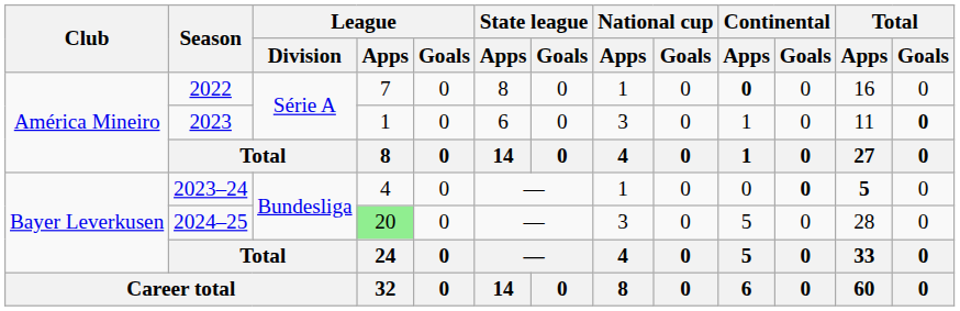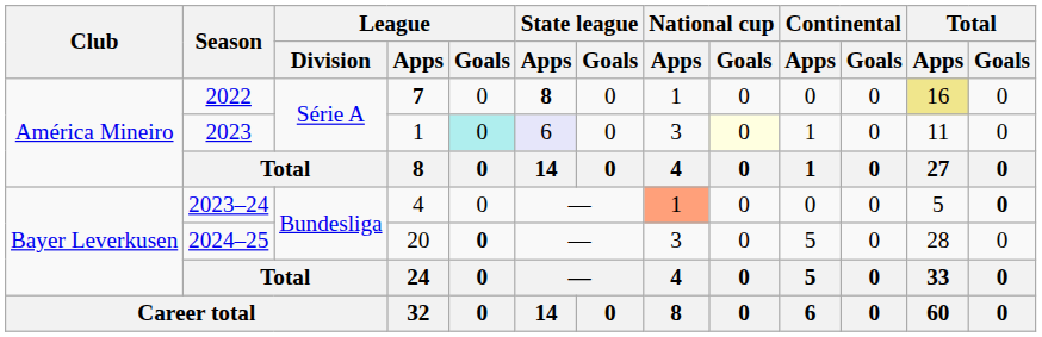 <table class="wikitable" style="text-align: center;">
 <tr>
 <th rowspan="2">Club</th>
 <th rowspan="2">Season</th>
 <th colspan="3">League</th>
 <th colspan="2">State league</th>
 <th colspan="2">National cup</th>
 <th colspan="2">Continental</th>
 <th colspan="2">Total</th>
 </tr>
 <tr>
 <th>Division</th>
 <th>Apps</th>
 <th>Goals</th>
 <th>Apps</th>
 <th>Goals</th>
 <th>Apps</th>
 <th>Goals</th>
 <th>Apps</th>
 <th>Goals</th>
 <th>Apps</th>
 <th>Goals</th>
 </tr>
 <tr>
 <td rowspan="3"><a href='#'>América Mineiro</a></td>
 <td><a href='#'>2022</a></td>
 <td rowspan="2"><a href='#'>Série A</a></td>
-<td>7</td>
+<td><strong>7</strong></td>
 <td>0</td>
-<td>8</td>
+<td><strong>8</strong></td>
 <td>0</td>
 <td>1</td>
 <td>0</td>
-<td><strong>0</strong></td>
 <td>0</td>
-<td>16</td>
+<td>0</td>
+<td style="background: khaki;">16</td>
 <td>0</td>
 </tr>
 <tr>
 <td><a href='#'>2023</a></td>
 <td>1</td>
-<td>0</td>
-<td>6</td>
+<td style="background: paleturquoise;">0</td>
+<td style="background: lavender;">6</td>
 <td>0</td>
 <td>3</td>
-<td>0</td>
+<td style="background: lightyellow;">0</td>
 <td>1</td>
 <td>0</td>
 <td>11</td>
-<td><strong>0</strong></td>
+<td>0</td>
 </tr>
 <tr>
 <th colspan="2">Total</th>
 <th>8</th>
 <th>0</th>
 <th>14</th>
 <th>0</th>
 <th>4</th>
 <th>0</th>
 <th>1</th>
 <th>0</th>
 <th>27</th>
 <th>0</th>
 </tr>
 <tr>
 <td rowspan="3"><a href='#'>Bayer Leverkusen</a></td>
 <td><a href='#'>2023–24</a></td>
 <td rowspan="2"><a href='#'>Bundesliga</a></td>
 <td>4</td>
 <td>0</td>
 <td colspan="2">—</td>
-<td>1</td>
+<td style="background: lightsalmon;">1</td>
 <td>0</td>
 <td>0</td>
+<td>0</td>
+<td>5</td>
 <td><strong>0</strong></td>
-<td><strong>5</strong></td>
-<td>0</td>
 </tr>
 <tr>
 <td><a href='#'>2024–25</a></td>
-<td style="background: lightgreen;">20</td>
-<td>0</td>
+<td>20</td>
+<td><strong>0</strong></td>
 <td colspan="2">—</td>
 <td>3</td>
 <td>0</td>
 <td>5</td>
 <td>0</td>
 <td>28</td>
 <td>0</td>
 </tr>
 <tr>
 <th colspan="2">Total</th>
 <th>24</th>
 <th>0</th>
 <th colspan="2">—</th>
 <th>4</th>
 <th>0</th>
 <th>5</th>
 <th>0</th>
 <th>33</th>
 <th>0</th>
 </tr>
 <tr>
 <th colspan="3">Career total</th>
 <th>32</th>
 <th>0</th>
 <th>14</th>
 <th>0</th>
 <th>8</th>
 <th>0</th>
 <th>6</th>
 <th>0</th>
 <th>60</th>
 <th>0</th>
 </tr>
 </table>
